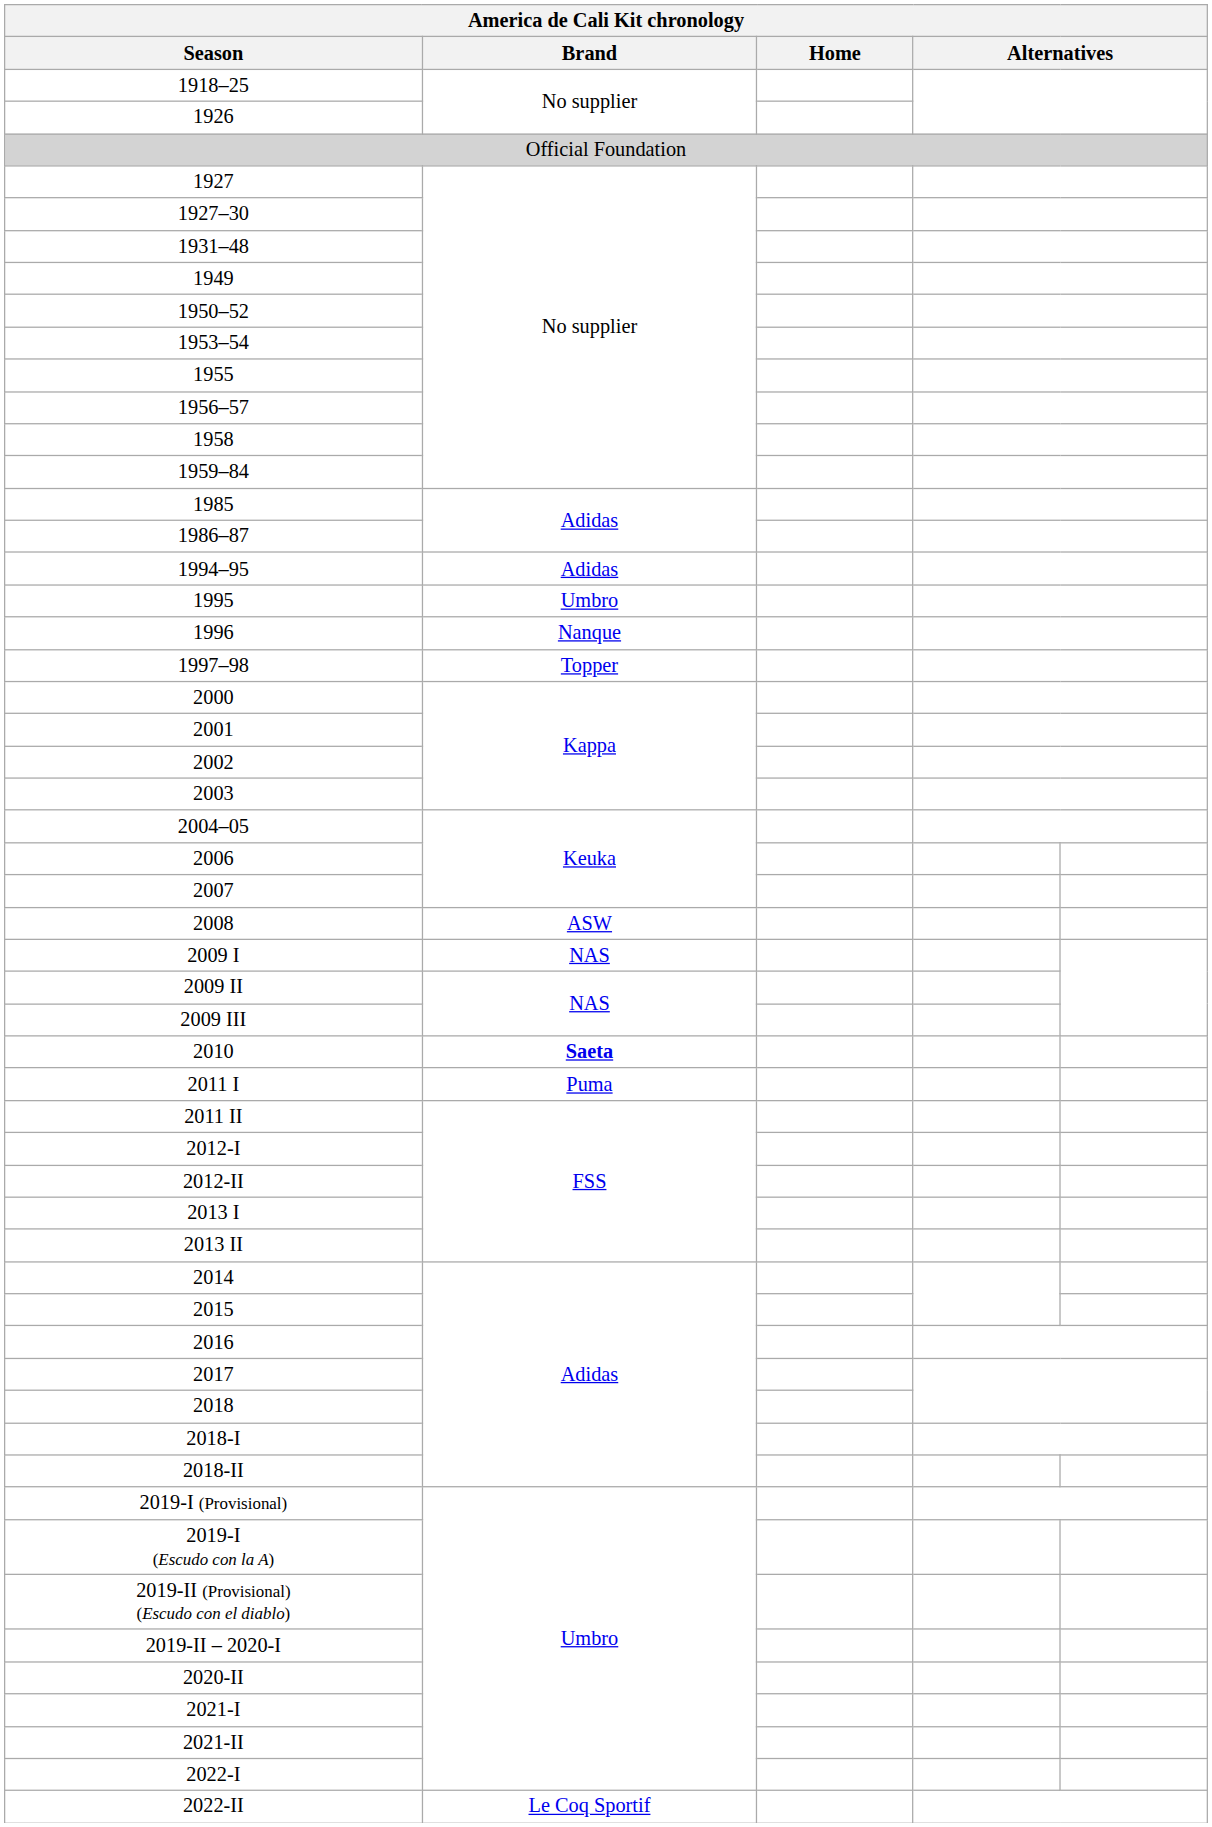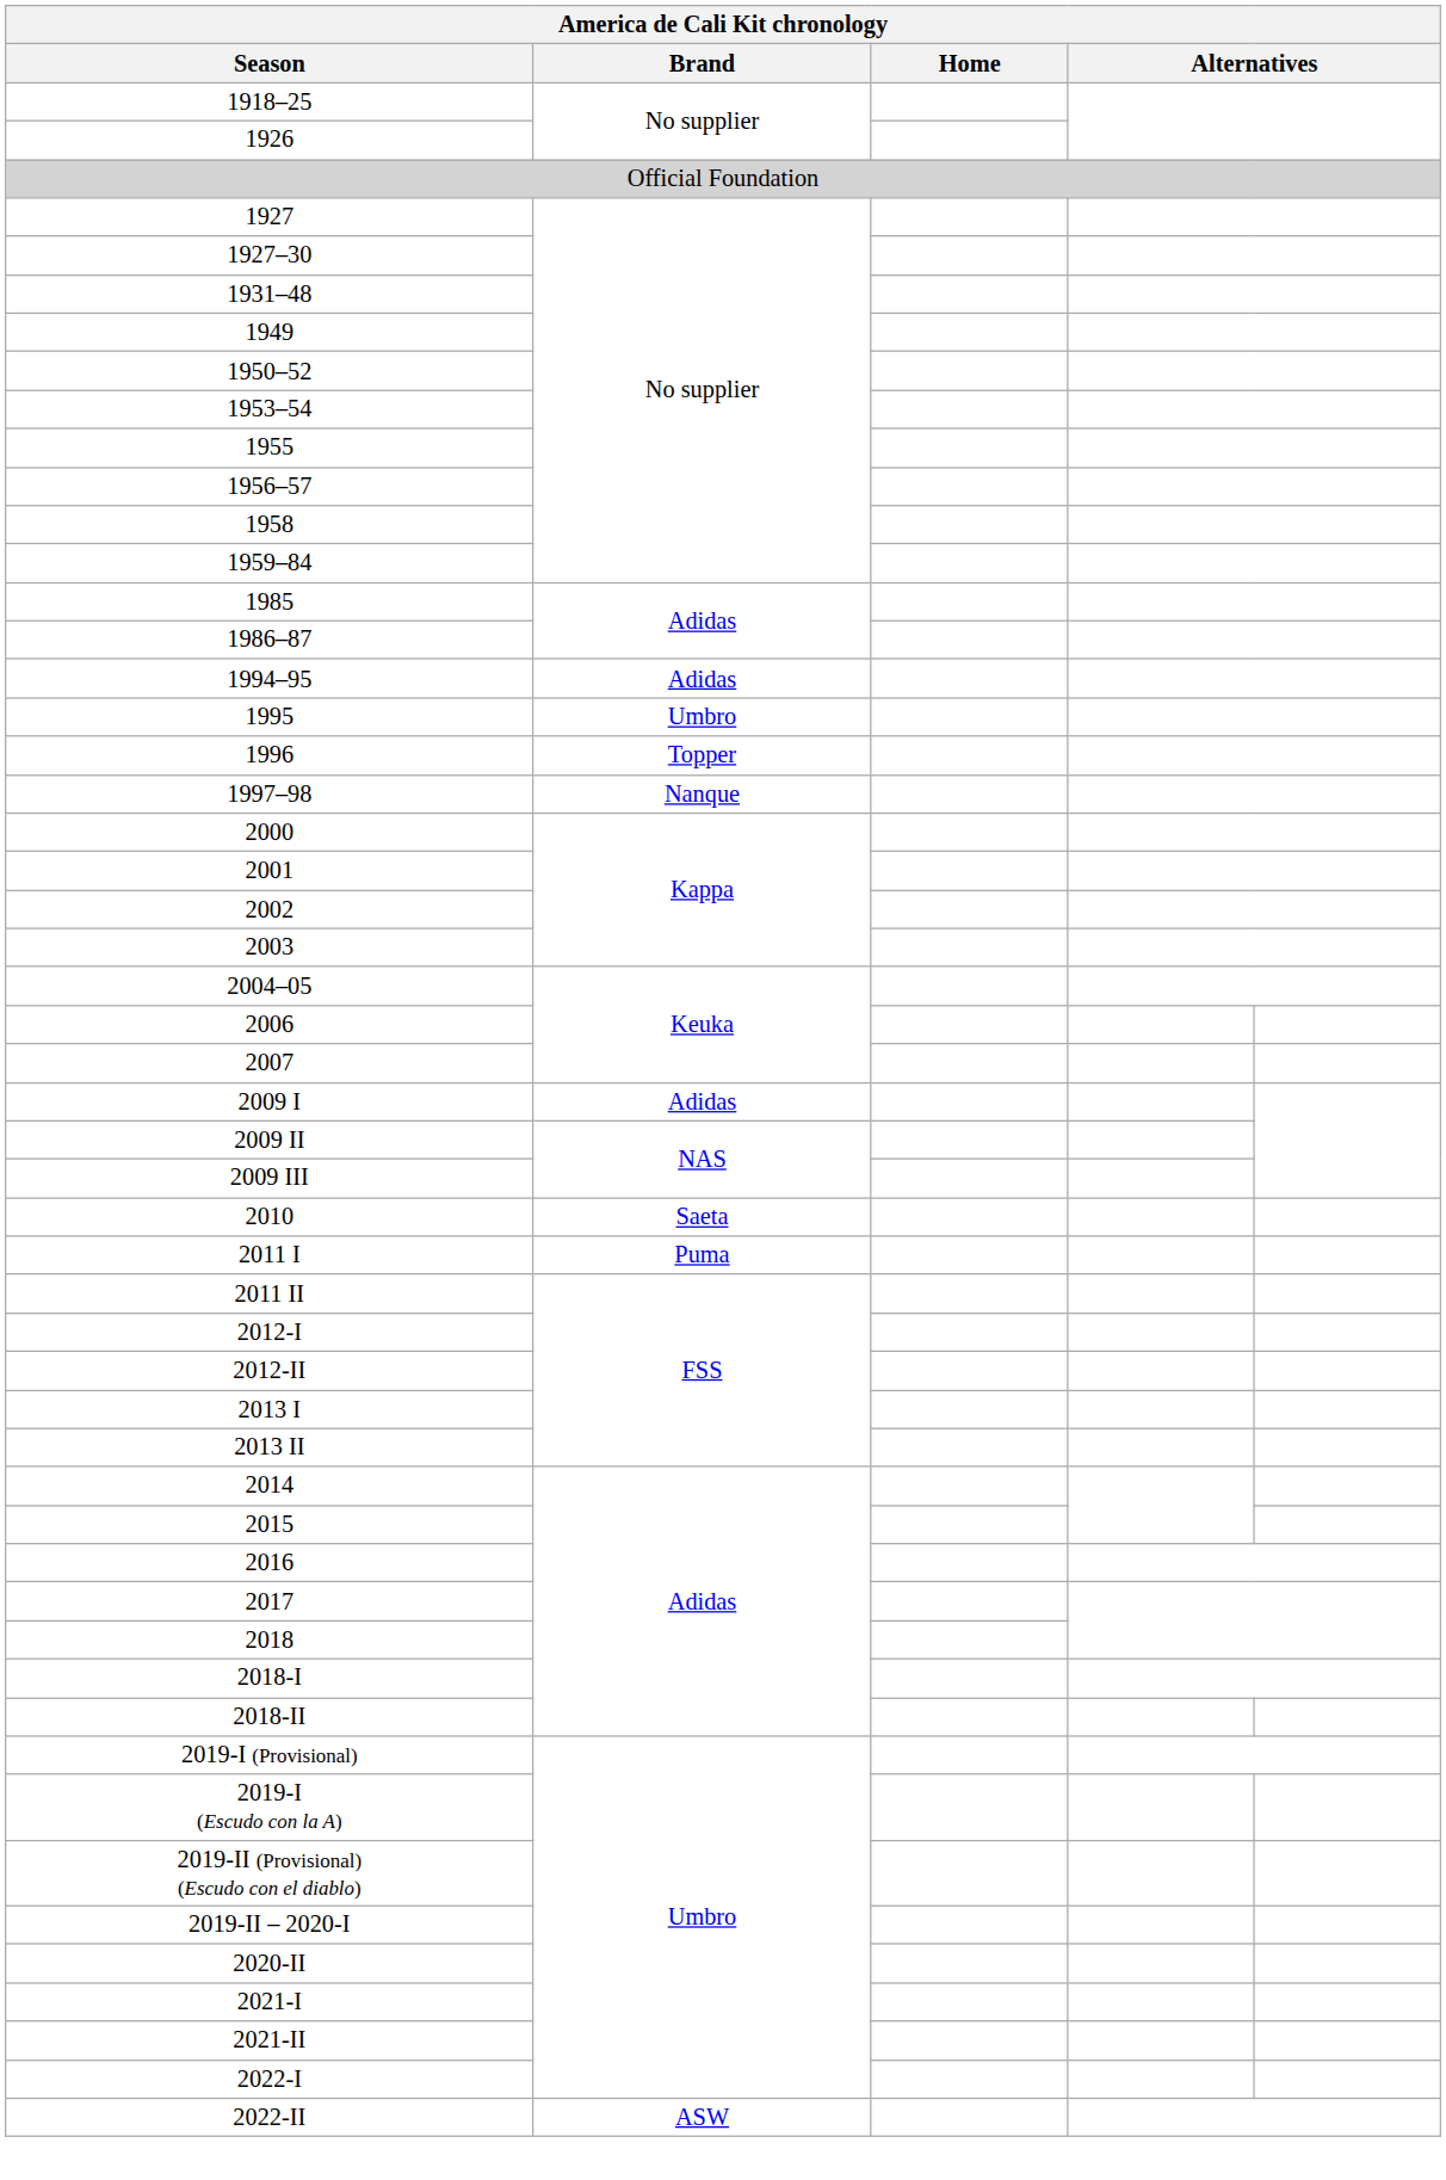 <table class="wikitable mw-collapsible mw-collapsed" style="text-align: center; background: #ffffff; width:75%;">
 <tr>
 <th colspan=5 style="with: 100%;" align="center">America de Cali Kit chronology</th>
 </tr>
 <tr>
 <th>Season</th>
 <th>Brand</th>
 <th>Home</th>
 <th colspan=2>Alternatives</th>
 </tr>
 <tr>
 <td>1918–25</td>
 <td rowspan=2>No supplier</td>
 <td></td>
 <td rowspan=2 colspan=2></td>
 </tr>
 <tr>
 <td>1926</td>
 <td></td>
 </tr>
 <tr>
 <td colspan=5 style="background-color:lightgray">Official Foundation</td>
 </tr>
 <tr>
 <td>1927</td>
 <td rowspan=10>No supplier</td>
 <td></td>
 <td colspan=2></td>
 </tr>
 <tr>
 <td>1927–30</td>
 <td></td>
 <td colspan=2></td>
 </tr>
 <tr>
 <td>1931–48</td>
 <td></td>
 <td colspan=2></td>
 </tr>
 <tr>
 <td>1949</td>
 <td></td>
 <td colspan=2></td>
 </tr>
 <tr>
 <td>1950–52</td>
 <td></td>
 <td colspan=2></td>
 </tr>
 <tr>
 <td>1953–54</td>
 <td></td>
 <td colspan=2></td>
 </tr>
 <tr>
 <td>1955</td>
 <td></td>
 <td colspan=2></td>
 </tr>
 <tr>
 <td>1956–57</td>
 <td></td>
 <td colspan=2></td>
 </tr>
 <tr>
 <td>1958</td>
 <td></td>
 <td colspan=2></td>
 </tr>
 <tr>
 <td>1959–84</td>
 <td></td>
 <td colspan=2></td>
 </tr>
 <tr>
 <td>1985</td>
 <td rowspan=2> <a href='#'>Adidas</a></td>
 <td></td>
 <td colspan=2></td>
 </tr>
 <tr>
 <td>1986–87</td>
 <td></td>
 <td colspan=2></td>
 </tr>
 <tr>
 <td>1994–95</td>
 <td> <a href='#'>Adidas</a></td>
 <td></td>
 <td colspan=2></td>
 </tr>
 <tr>
 <td>1995</td>
 <td> <a href='#'>Umbro</a></td>
 <td></td>
 <td colspan=2></td>
 </tr>
 <tr>
 <td>1996</td>
-<td> <a href='#'>Nanque</a></td>
+<td> <a href='#'>Topper</a></td>
 <td></td>
 <td colspan=2></td>
 </tr>
 <tr>
 <td>1997–98</td>
-<td> <a href='#'>Topper</a></td>
+<td> <a href='#'>Nanque</a></td>
 <td></td>
 <td colspan=2></td>
 </tr>
 <tr>
 <td>2000</td>
 <td rowspan=4><a href='#'>Kappa</a></td>
 <td></td>
 <td colspan=2></td>
 </tr>
 <tr>
 <td>2001</td>
 <td></td>
 <td colspan=2></td>
 </tr>
 <tr>
 <td>2002</td>
 <td></td>
 <td colspan=2></td>
 </tr>
 <tr>
 <td>2003</td>
 <td></td>
 <td colspan=2></td>
 </tr>
 <tr>
 <td>2004–05</td>
 <td rowspan=3> <a href='#'>Keuka</a></td>
 <td></td>
 <td colspan=2></td>
 </tr>
 <tr>
 <td>2006</td>
 <td></td>
 <td></td>
 <td></td>
 </tr>
 <tr>
 <td>2007</td>
 <td></td>
 <td></td>
 <td></td>
 </tr>
 <tr>
-<td>2008</td>
-<td> <a href='#'>ASW</a></td>
-<td></td>
-<td></td>
-<td></td>
-</tr>
-<tr>
 <td>2009 I</td>
-<td> <a href='#'>NAS</a></td>
+<td> <a href='#'>Adidas</a></td>
 <td></td>
 <td></td>
 <td rowspan=3></td>
 </tr>
 <tr>
 <td>2009 II</td>
 <td rowspan=2> <a href='#'>NAS</a></td>
 <td></td>
 <td></td>
 </tr>
 <tr>
 <td>2009 III</td>
 <td></td>
 <td></td>
 </tr>
 <tr>
 <td>2010</td>
-<td><strong> <a href='#'>Saeta</a></strong></td>
+<td> <a href='#'>Saeta</a></td>
 <td></td>
 <td></td>
 <td></td>
 </tr>
 <tr>
 <td>2011 I</td>
 <td><a href='#'>Puma</a></td>
 <td></td>
 <td></td>
 <td></td>
 </tr>
 <tr>
 <td>2011 II</td>
 <td rowspan=5> <a href='#'>FSS</a></td>
 <td></td>
 <td></td>
 <td></td>
 </tr>
 <tr>
 <td>2012-I</td>
 <td></td>
 <td></td>
 <td></td>
 </tr>
 <tr>
 <td>2012-II</td>
 <td></td>
 <td></td>
 <td></td>
 </tr>
 <tr>
 <td>2013 I</td>
 <td></td>
 <td></td>
 <td></td>
 </tr>
 <tr>
 <td>2013 II</td>
 <td></td>
 <td></td>
 <td></td>
 </tr>
 <tr>
 <td>2014</td>
 <td rowspan=7> <a href='#'>Adidas</a></td>
 <td></td>
 <td rowspan=2></td>
 <td></td>
 </tr>
 <tr>
 <td>2015</td>
 <td></td>
 <td></td>
 </tr>
 <tr>
 <td>2016</td>
 <td></td>
 <td colspan=2></td>
 </tr>
 <tr>
 <td>2017</td>
 <td></td>
 <td rowspan=2 colspan=2></td>
 </tr>
 <tr>
 <td>2018</td>
 <td></td>
 </tr>
 <tr>
 <td>2018-I</td>
 <td></td>
 <td colspan=2></td>
 </tr>
 <tr>
 <td>2018-II</td>
 <td></td>
 <td></td>
 <td></td>
 </tr>
 <tr>
 <td>2019-I <small>(Provisional)</small></td>
 <td rowspan=8> <a href='#'>Umbro</a></td>
 <td></td>
 <td colspan=2></td>
 </tr>
 <tr>
 <td>2019-I <br><small>(<em>Escudo con la A</em>)</small></td>
 <td></td>
 <td></td>
 <td></td>
 </tr>
 <tr>
 <td>2019-II <small>(Provisional)</small> <br><small>(<em>Escudo con el diablo</em>)</small></td>
 <td></td>
 <td></td>
 <td></td>
 </tr>
 <tr>
 <td>2019-II – 2020-I</td>
 <td></td>
 <td></td>
 <td></td>
 </tr>
 <tr>
 <td>2020-II</td>
 <td></td>
 <td></td>
 <td></td>
 </tr>
 <tr>
 <td>2021-I</td>
 <td></td>
 <td></td>
 <td></td>
 </tr>
 <tr>
 <td>2021-II</td>
 <td></td>
 <td></td>
 <td></td>
 </tr>
 <tr>
 <td>2022-I</td>
 <td></td>
 <td></td>
 <td></td>
 </tr>
 <tr>
 <td>2022-II</td>
-<td rowspan=1><a href='#'>Le Coq Sportif</a></td>
+<td> <a href='#'>ASW</a></td>
 <td></td>
 <td colspan=2></td>
 </tr>
 </table>
